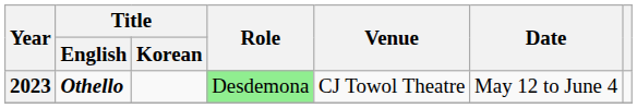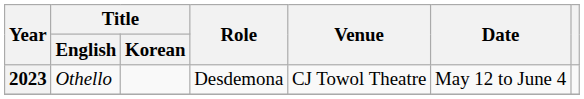 <table class="wikitable sortable plainrowheaders" style="text-align:left; font-size:100%;">
 <tr>
 <th scope="col" rowspan="2">Year</th>
 <th scope="col" colspan="2">Title</th>
 <th scope="col" rowspan="2">Role</th>
 <th scope="col" rowspan="2" class="unsortable">Venue</th>
 <th scope="col" rowspan="2">Date</th>
 <th rowspan="2" scope="col" class="unsortable"></th>
 </tr>
 <tr>
 <th>English</th>
 <th>Korean</th>
 </tr>
 <tr>
 <th scope="row">2023</th>
-<td><strong><em>Othello</em></strong></td>
+<td><em>Othello</em></td>
 <td></td>
-<td style="background: lightgreen;">Desdemona</td>
+<td>Desdemona</td>
 <td>CJ Towol Theatre</td>
 <td>May 12 to June 4</td>
 <td style="text-align:center;"></td>
 </tr>
 <tr>
 </tr>
 </table>
